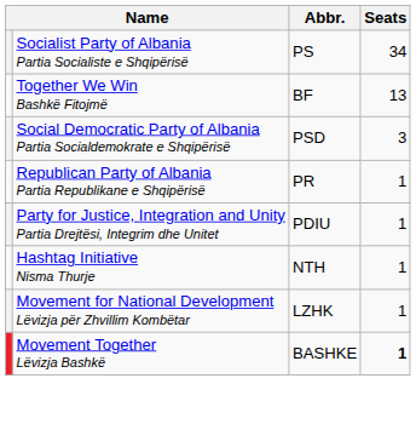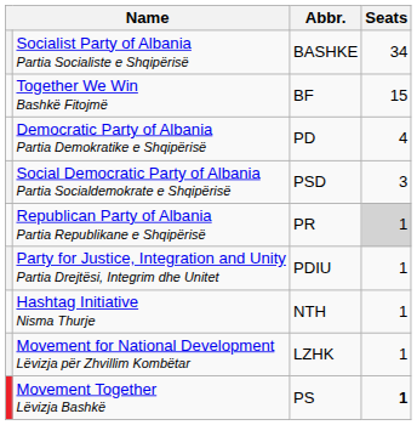 <table class="wikitable sortable">
 <tr>
 <th colspan=2>Name</th>
 <th>Abbr.</th>
 <th>Seats</th>
 </tr>
 <tr>
 <th style="background-color: "></th>
 <td><a href='#'>Socialist Party of Albania</a><br><small><em>Partia Socialiste e Shqipërisë</em></small></td>
-<td>PS</td>
+<td>BASHKE</td>
 <td align="right">34</td>
 </tr>
 <tr>
 <td style="background-color: "></td>
 <td><a href='#'>Together We Win</a><br><small><em>Bashkë Fitojmë</em></small></td>
 <td>BF</td>
-<td align="right">13</td>
+<td align="right">15</td>
+</tr>
+<tr>
+<td style="background-color: "></td>
+<td><a href='#'>Democratic Party of Albania</a><br><small><em>Partia Demokratike e Shqipërisë</em></small></td>
+<td>PD</td>
+<td align="right">4</td>
 </tr>
 <tr>
 <th style="background-color: "></th>
 <td><a href='#'>Social Democratic Party of Albania</a><br><small><em>Partia Socialdemokrate e Shqipërisë</em></small></td>
 <td>PSD</td>
 <td align="right">3</td>
 </tr>
 <tr>
 <td style="background-color: "></td>
 <td><a href='#'>Republican Party of Albania</a><br><small><em>Partia Republikane e Shqipërisë</em></small></td>
 <td>PR</td>
-<td align="right">1</td>
+<td align="right" style="background: lightgrey;">1</td>
 </tr>
 <tr>
 <th style="background-color: "></th>
 <td><a href='#'>Party for Justice, Integration and Unity</a><br><small><em>Partia Drejtësi, Integrim dhe Unitet</em></small></td>
 <td>PDIU</td>
 <td align="right">1</td>
 </tr>
 <tr>
 <td style="background-color: "></td>
 <td><a href='#'>Hashtag Initiative</a><br><small><em>Nisma Thurje</em></small></td>
 <td>NTH</td>
 <td align="right">1</td>
 </tr>
 <tr>
 <th style="background-color: "></th>
 <td><a href='#'>Movement for National Development</a><br><small><em>Lëvizja për Zhvillim Kombëtar</em></small></td>
 <td>LZHK</td>
 <td align="right">1</td>
 </tr>
 <tr>
 <th style="background:#EC2029;"></th>
 <td><a href='#'>Movement Together</a><br><small><em>Lëvizja Bashkë</em></small></td>
-<td>BASHKE</td>
+<td>PS</td>
 <td align="right"><strong>1</strong></td>
 </tr>
 </table>
